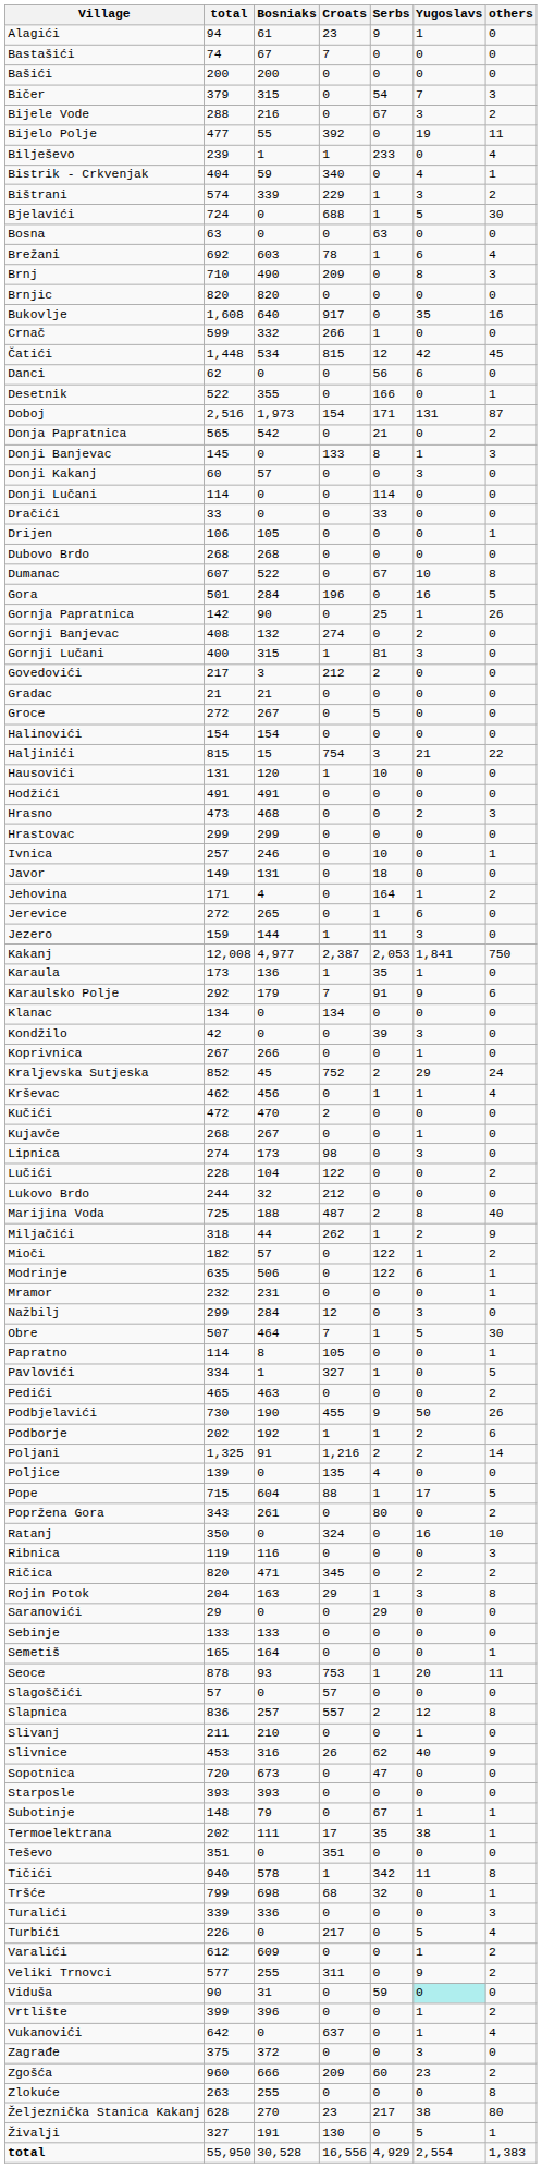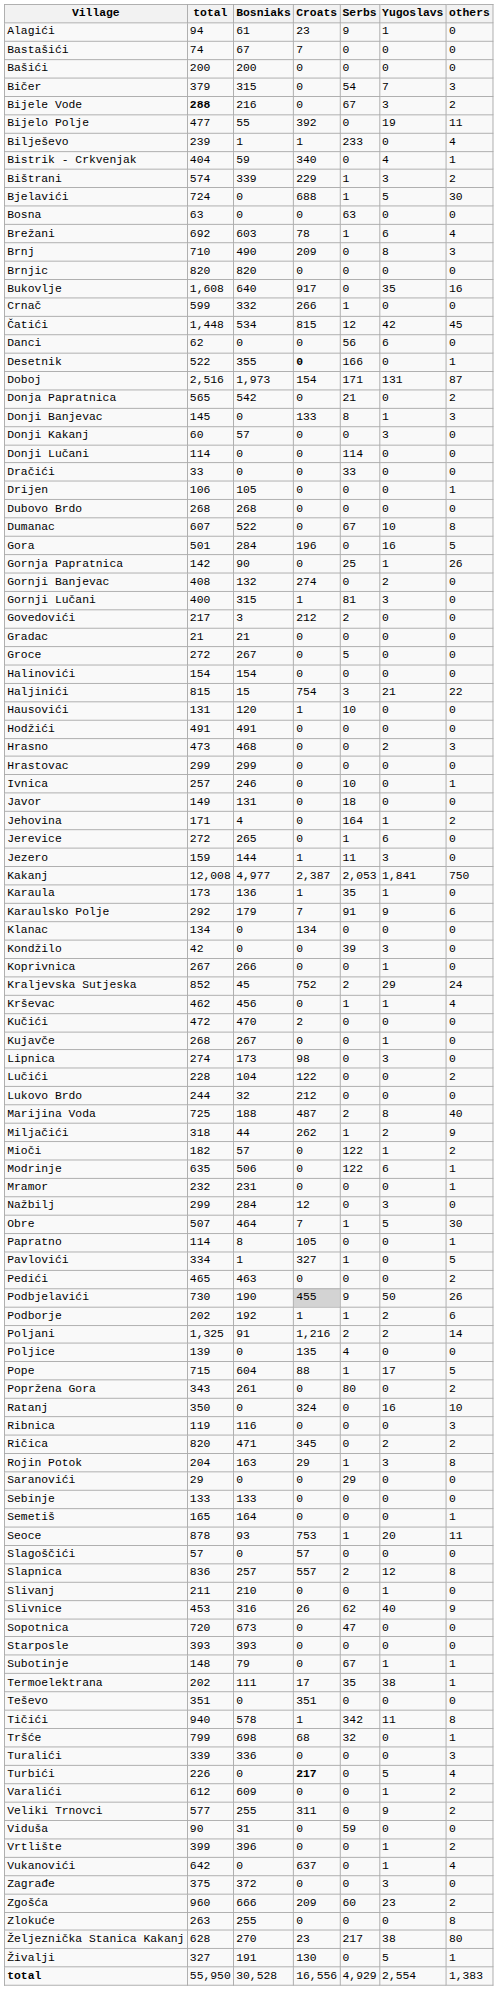 <table class="wikitable" style="font-size: 95%;">
 <tr>
 <th>Village</th>
 <th>total</th>
 <th>Bosniaks</th>
 <th>Croats</th>
 <th>Serbs</th>
 <th>Yugoslavs</th>
 <th>others</th>
 </tr>
 <tr>
 <td rowspan="1">Alagići</td>
 <td>94</td>
 <td>61</td>
 <td>23</td>
 <td>9</td>
 <td>1</td>
 <td>0</td>
 </tr>
 <tr>
 <td rowspan="1">Bastašići</td>
 <td>74</td>
 <td>67</td>
 <td>7</td>
 <td>0</td>
 <td>0</td>
 <td>0</td>
 </tr>
 <tr>
 <td rowspan="1">Bašići</td>
 <td>200</td>
 <td>200</td>
 <td>0</td>
 <td>0</td>
 <td>0</td>
 <td>0</td>
 </tr>
 <tr>
 <td rowspan="1">Bičer</td>
 <td>379</td>
 <td>315</td>
 <td>0</td>
 <td>54</td>
 <td>7</td>
 <td>3</td>
 </tr>
 <tr>
 <td rowspan="1">Bijele Vode</td>
-<td>288</td>
+<td><strong>288</strong></td>
 <td>216</td>
 <td>0</td>
 <td>67</td>
 <td>3</td>
 <td>2</td>
 </tr>
 <tr>
 <td rowspan="1">Bijelo Polje</td>
 <td>477</td>
 <td>55</td>
 <td>392</td>
 <td>0</td>
 <td>19</td>
 <td>11</td>
 </tr>
 <tr>
 <td rowspan="1">Bilješevo</td>
 <td>239</td>
 <td>1</td>
 <td>1</td>
 <td>233</td>
 <td>0</td>
 <td>4</td>
 </tr>
 <tr>
 <td rowspan="1">Bistrik - Crkvenjak</td>
 <td>404</td>
 <td>59</td>
 <td>340</td>
 <td>0</td>
 <td>4</td>
 <td>1</td>
 </tr>
 <tr>
 <td rowspan="1">Bištrani</td>
 <td>574</td>
 <td>339</td>
 <td>229</td>
 <td>1</td>
 <td>3</td>
 <td>2</td>
 </tr>
 <tr>
 <td rowspan="1">Bjelavići</td>
 <td>724</td>
 <td>0</td>
 <td>688</td>
 <td>1</td>
 <td>5</td>
 <td>30</td>
 </tr>
 <tr>
 <td rowspan="1">Bosna</td>
 <td>63</td>
 <td>0</td>
 <td>0</td>
 <td>63</td>
 <td>0</td>
 <td>0</td>
 </tr>
 <tr>
 <td rowspan="1">Brežani</td>
 <td>692</td>
 <td>603</td>
 <td>78</td>
 <td>1</td>
 <td>6</td>
 <td>4</td>
 </tr>
 <tr>
 <td rowspan="1">Brnj</td>
 <td>710</td>
 <td>490</td>
 <td>209</td>
 <td>0</td>
 <td>8</td>
 <td>3</td>
 </tr>
 <tr>
 <td rowspan="1">Brnjic</td>
 <td>820</td>
 <td>820</td>
 <td>0</td>
 <td>0</td>
 <td>0</td>
 <td>0</td>
 </tr>
 <tr>
 <td rowspan="1">Bukovlje</td>
 <td>1,608</td>
 <td>640</td>
 <td>917</td>
 <td>0</td>
 <td>35</td>
 <td>16</td>
 </tr>
 <tr>
 <td rowspan="1">Crnač</td>
 <td>599</td>
 <td>332</td>
 <td>266</td>
 <td>1</td>
 <td>0</td>
 <td>0</td>
 </tr>
 <tr>
 <td rowspan="1">Čatići</td>
 <td>1,448</td>
 <td>534</td>
 <td>815</td>
 <td>12</td>
 <td>42</td>
 <td>45</td>
 </tr>
 <tr>
 <td rowspan="1">Danci</td>
 <td>62</td>
 <td>0</td>
 <td>0</td>
 <td>56</td>
 <td>6</td>
 <td>0</td>
 </tr>
 <tr>
 <td rowspan="1">Desetnik</td>
 <td>522</td>
 <td>355</td>
-<td>0</td>
+<td><strong>0</strong></td>
 <td>166</td>
 <td>0</td>
 <td>1</td>
 </tr>
 <tr>
 <td rowspan="1">Doboj</td>
 <td>2,516</td>
 <td>1,973</td>
 <td>154</td>
 <td>171</td>
 <td>131</td>
 <td>87</td>
 </tr>
 <tr>
 <td rowspan="1">Donja Papratnica</td>
 <td>565</td>
 <td>542</td>
 <td>0</td>
 <td>21</td>
 <td>0</td>
 <td>2</td>
 </tr>
 <tr>
 <td rowspan="1">Donji Banjevac</td>
 <td>145</td>
 <td>0</td>
 <td>133</td>
 <td>8</td>
 <td>1</td>
 <td>3</td>
 </tr>
 <tr>
 <td rowspan="1">Donji Kakanj</td>
 <td>60</td>
 <td>57</td>
 <td>0</td>
 <td>0</td>
 <td>3</td>
 <td>0</td>
 </tr>
 <tr>
 <td rowspan="1">Donji Lučani</td>
 <td>114</td>
 <td>0</td>
 <td>0</td>
 <td>114</td>
 <td>0</td>
 <td>0</td>
 </tr>
 <tr>
 <td rowspan="1">Dračići</td>
 <td>33</td>
 <td>0</td>
 <td>0</td>
 <td>33</td>
 <td>0</td>
 <td>0</td>
 </tr>
 <tr>
 <td rowspan="1">Drijen</td>
 <td>106</td>
 <td>105</td>
 <td>0</td>
 <td>0</td>
 <td>0</td>
 <td>1</td>
 </tr>
 <tr>
 <td rowspan="1">Dubovo Brdo</td>
 <td>268</td>
 <td>268</td>
 <td>0</td>
 <td>0</td>
 <td>0</td>
 <td>0</td>
 </tr>
 <tr>
 <td rowspan="1">Dumanac</td>
 <td>607</td>
 <td>522</td>
 <td>0</td>
 <td>67</td>
 <td>10</td>
 <td>8</td>
 </tr>
 <tr>
 <td rowspan="1">Gora</td>
 <td>501</td>
 <td>284</td>
 <td>196</td>
 <td>0</td>
 <td>16</td>
 <td>5</td>
 </tr>
 <tr>
 <td rowspan="1">Gornja Papratnica</td>
 <td>142</td>
 <td>90</td>
 <td>0</td>
 <td>25</td>
 <td>1</td>
 <td>26</td>
 </tr>
 <tr>
 <td rowspan="1">Gornji Banjevac</td>
 <td>408</td>
 <td>132</td>
 <td>274</td>
 <td>0</td>
 <td>2</td>
 <td>0</td>
 </tr>
 <tr>
 <td rowspan="1">Gornji Lučani</td>
 <td>400</td>
 <td>315</td>
 <td>1</td>
 <td>81</td>
 <td>3</td>
 <td>0</td>
 </tr>
 <tr>
 <td rowspan="1">Govedovići</td>
 <td>217</td>
 <td>3</td>
 <td>212</td>
 <td>2</td>
 <td>0</td>
 <td>0</td>
 </tr>
 <tr>
 <td rowspan="1">Gradac</td>
 <td>21</td>
 <td>21</td>
 <td>0</td>
 <td>0</td>
 <td>0</td>
 <td>0</td>
 </tr>
 <tr>
 <td rowspan="1">Groce</td>
 <td>272</td>
 <td>267</td>
 <td>0</td>
 <td>5</td>
 <td>0</td>
 <td>0</td>
 </tr>
 <tr>
 <td rowspan="1">Halinovići</td>
 <td>154</td>
 <td>154</td>
 <td>0</td>
 <td>0</td>
 <td>0</td>
 <td>0</td>
 </tr>
 <tr>
 <td rowspan="1">Haljinići</td>
 <td>815</td>
 <td>15</td>
 <td>754</td>
 <td>3</td>
 <td>21</td>
 <td>22</td>
 </tr>
 <tr>
 <td rowspan="1">Hausovići</td>
 <td>131</td>
 <td>120</td>
 <td>1</td>
 <td>10</td>
 <td>0</td>
 <td>0</td>
 </tr>
 <tr>
 <td rowspan="1">Hodžići</td>
 <td>491</td>
 <td>491</td>
 <td>0</td>
 <td>0</td>
 <td>0</td>
 <td>0</td>
 </tr>
 <tr>
 <td rowspan="1">Hrasno</td>
 <td>473</td>
 <td>468</td>
 <td>0</td>
 <td>0</td>
 <td>2</td>
 <td>3</td>
 </tr>
 <tr>
 <td rowspan="1">Hrastovac</td>
 <td>299</td>
 <td>299</td>
 <td>0</td>
 <td>0</td>
 <td>0</td>
 <td>0</td>
 </tr>
 <tr>
 <td rowspan="1">Ivnica</td>
 <td>257</td>
 <td>246</td>
 <td>0</td>
 <td>10</td>
 <td>0</td>
 <td>1</td>
 </tr>
 <tr>
 <td rowspan="1">Javor</td>
 <td>149</td>
 <td>131</td>
 <td>0</td>
 <td>18</td>
 <td>0</td>
 <td>0</td>
 </tr>
 <tr>
 <td rowspan="1">Jehovina</td>
 <td>171</td>
 <td>4</td>
 <td>0</td>
 <td>164</td>
 <td>1</td>
 <td>2</td>
 </tr>
 <tr>
 <td rowspan="1">Jerevice</td>
 <td>272</td>
 <td>265</td>
 <td>0</td>
 <td>1</td>
 <td>6</td>
 <td>0</td>
 </tr>
 <tr>
 <td rowspan="1">Jezero</td>
 <td>159</td>
 <td>144</td>
 <td>1</td>
 <td>11</td>
 <td>3</td>
 <td>0</td>
 </tr>
 <tr>
 <td rowspan="1">Kakanj</td>
 <td>12,008</td>
 <td>4,977</td>
 <td>2,387</td>
 <td>2,053</td>
 <td>1,841</td>
 <td>750</td>
 </tr>
 <tr>
 <td rowspan="1">Karaula</td>
 <td>173</td>
 <td>136</td>
 <td>1</td>
 <td>35</td>
 <td>1</td>
 <td>0</td>
 </tr>
 <tr>
 <td rowspan="1">Karaulsko Polje</td>
 <td>292</td>
 <td>179</td>
 <td>7</td>
 <td>91</td>
 <td>9</td>
 <td>6</td>
 </tr>
 <tr>
 <td rowspan="1">Klanac</td>
 <td>134</td>
 <td>0</td>
 <td>134</td>
 <td>0</td>
 <td>0</td>
 <td>0</td>
 </tr>
 <tr>
 <td rowspan="1">Kondžilo</td>
 <td>42</td>
 <td>0</td>
 <td>0</td>
 <td>39</td>
 <td>3</td>
 <td>0</td>
 </tr>
 <tr>
 <td rowspan="1">Koprivnica</td>
 <td>267</td>
 <td>266</td>
 <td>0</td>
 <td>0</td>
 <td>1</td>
 <td>0</td>
 </tr>
 <tr>
 <td rowspan="1">Kraljevska Sutjeska</td>
 <td>852</td>
 <td>45</td>
 <td>752</td>
 <td>2</td>
 <td>29</td>
 <td>24</td>
 </tr>
 <tr>
 <td rowspan="1">Krševac</td>
 <td>462</td>
 <td>456</td>
 <td>0</td>
 <td>1</td>
 <td>1</td>
 <td>4</td>
 </tr>
 <tr>
 <td rowspan="1">Kučići</td>
 <td>472</td>
 <td>470</td>
 <td>2</td>
 <td>0</td>
 <td>0</td>
 <td>0</td>
 </tr>
 <tr>
 <td rowspan="1">Kujavče</td>
 <td>268</td>
 <td>267</td>
 <td>0</td>
 <td>0</td>
 <td>1</td>
 <td>0</td>
 </tr>
 <tr>
 <td rowspan="1">Lipnica</td>
 <td>274</td>
 <td>173</td>
 <td>98</td>
 <td>0</td>
 <td>3</td>
 <td>0</td>
 </tr>
 <tr>
 <td rowspan="1">Lučići</td>
 <td>228</td>
 <td>104</td>
 <td>122</td>
 <td>0</td>
 <td>0</td>
 <td>2</td>
 </tr>
 <tr>
 <td rowspan="1">Lukovo Brdo</td>
 <td>244</td>
 <td>32</td>
 <td>212</td>
 <td>0</td>
 <td>0</td>
 <td>0</td>
 </tr>
 <tr>
 <td rowspan="1">Marijina Voda</td>
 <td>725</td>
 <td>188</td>
 <td>487</td>
 <td>2</td>
 <td>8</td>
 <td>40</td>
 </tr>
 <tr>
 <td rowspan="1">Miljačići</td>
 <td>318</td>
 <td>44</td>
 <td>262</td>
 <td>1</td>
 <td>2</td>
 <td>9</td>
 </tr>
 <tr>
 <td rowspan="1">Mioči</td>
 <td>182</td>
 <td>57</td>
 <td>0</td>
 <td>122</td>
 <td>1</td>
 <td>2</td>
 </tr>
 <tr>
 <td rowspan="1">Modrinje</td>
 <td>635</td>
 <td>506</td>
 <td>0</td>
 <td>122</td>
 <td>6</td>
 <td>1</td>
 </tr>
 <tr>
 <td rowspan="1">Mramor</td>
 <td>232</td>
 <td>231</td>
 <td>0</td>
 <td>0</td>
 <td>0</td>
 <td>1</td>
 </tr>
 <tr>
 <td rowspan="1">Nažbilj</td>
 <td>299</td>
 <td>284</td>
 <td>12</td>
 <td>0</td>
 <td>3</td>
 <td>0</td>
 </tr>
 <tr>
 <td rowspan="1">Obre</td>
 <td>507</td>
 <td>464</td>
 <td>7</td>
 <td>1</td>
 <td>5</td>
 <td>30</td>
 </tr>
 <tr>
 <td rowspan="1">Papratno</td>
 <td>114</td>
 <td>8</td>
 <td>105</td>
 <td>0</td>
 <td>0</td>
 <td>1</td>
 </tr>
 <tr>
 <td rowspan="1">Pavlovići</td>
 <td>334</td>
 <td>1</td>
 <td>327</td>
 <td>1</td>
 <td>0</td>
 <td>5</td>
 </tr>
 <tr>
 <td rowspan="1">Pedići</td>
 <td>465</td>
 <td>463</td>
 <td>0</td>
 <td>0</td>
 <td>0</td>
 <td>2</td>
 </tr>
 <tr>
 <td rowspan="1">Podbjelavići</td>
 <td>730</td>
 <td>190</td>
-<td>455</td>
+<td style="background: lightgrey;">455</td>
 <td>9</td>
 <td>50</td>
 <td>26</td>
 </tr>
 <tr>
 <td rowspan="1">Podborje</td>
 <td>202</td>
 <td>192</td>
 <td>1</td>
 <td>1</td>
 <td>2</td>
 <td>6</td>
 </tr>
 <tr>
 <td rowspan="1">Poljani</td>
 <td>1,325</td>
 <td>91</td>
 <td>1,216</td>
 <td>2</td>
 <td>2</td>
 <td>14</td>
 </tr>
 <tr>
 <td rowspan="1">Poljice</td>
 <td>139</td>
 <td>0</td>
 <td>135</td>
 <td>4</td>
 <td>0</td>
 <td>0</td>
 </tr>
 <tr>
 <td rowspan="1">Pope</td>
 <td>715</td>
 <td>604</td>
 <td>88</td>
 <td>1</td>
 <td>17</td>
 <td>5</td>
 </tr>
 <tr>
 <td rowspan="1">Popržena Gora</td>
 <td>343</td>
 <td>261</td>
 <td>0</td>
 <td>80</td>
 <td>0</td>
 <td>2</td>
 </tr>
 <tr>
 <td rowspan="1">Ratanj</td>
 <td>350</td>
 <td>0</td>
 <td>324</td>
 <td>0</td>
 <td>16</td>
 <td>10</td>
 </tr>
 <tr>
 <td rowspan="1">Ribnica</td>
 <td>119</td>
 <td>116</td>
 <td>0</td>
 <td>0</td>
 <td>0</td>
 <td>3</td>
 </tr>
 <tr>
 <td rowspan="1">Ričica</td>
 <td>820</td>
 <td>471</td>
 <td>345</td>
 <td>0</td>
 <td>2</td>
 <td>2</td>
 </tr>
 <tr>
 <td rowspan="1">Rojin Potok</td>
 <td>204</td>
 <td>163</td>
 <td>29</td>
 <td>1</td>
 <td>3</td>
 <td>8</td>
 </tr>
 <tr>
 <td rowspan="1">Saranovići</td>
 <td>29</td>
 <td>0</td>
 <td>0</td>
 <td>29</td>
 <td>0</td>
 <td>0</td>
 </tr>
 <tr>
 <td rowspan="1">Sebinje</td>
 <td>133</td>
 <td>133</td>
 <td>0</td>
 <td>0</td>
 <td>0</td>
 <td>0</td>
 </tr>
 <tr>
 <td rowspan="1">Semetiš</td>
 <td>165</td>
 <td>164</td>
 <td>0</td>
 <td>0</td>
 <td>0</td>
 <td>1</td>
 </tr>
 <tr>
 <td rowspan="1">Seoce</td>
 <td>878</td>
 <td>93</td>
 <td>753</td>
 <td>1</td>
 <td>20</td>
 <td>11</td>
 </tr>
 <tr>
 <td rowspan="1">Slagoščići</td>
 <td>57</td>
 <td>0</td>
 <td>57</td>
 <td>0</td>
 <td>0</td>
 <td>0</td>
 </tr>
 <tr>
 <td rowspan="1">Slapnica</td>
 <td>836</td>
 <td>257</td>
 <td>557</td>
 <td>2</td>
 <td>12</td>
 <td>8</td>
 </tr>
 <tr>
 <td rowspan="1">Slivanj</td>
 <td>211</td>
 <td>210</td>
 <td>0</td>
 <td>0</td>
 <td>1</td>
 <td>0</td>
 </tr>
 <tr>
 <td rowspan="1">Slivnice</td>
 <td>453</td>
 <td>316</td>
 <td>26</td>
 <td>62</td>
 <td>40</td>
 <td>9</td>
 </tr>
 <tr>
 <td rowspan="1">Sopotnica</td>
 <td>720</td>
 <td>673</td>
 <td>0</td>
 <td>47</td>
 <td>0</td>
 <td>0</td>
 </tr>
 <tr>
 <td rowspan="1">Starposle</td>
 <td>393</td>
 <td>393</td>
 <td>0</td>
 <td>0</td>
 <td>0</td>
 <td>0</td>
 </tr>
 <tr>
 <td rowspan="1">Subotinje</td>
 <td>148</td>
 <td>79</td>
 <td>0</td>
 <td>67</td>
 <td>1</td>
 <td>1</td>
 </tr>
 <tr>
 <td rowspan="1">Termoelektrana</td>
 <td>202</td>
 <td>111</td>
 <td>17</td>
 <td>35</td>
 <td>38</td>
 <td>1</td>
 </tr>
 <tr>
 <td rowspan="1">Teševo</td>
 <td>351</td>
 <td>0</td>
 <td>351</td>
 <td>0</td>
 <td>0</td>
 <td>0</td>
 </tr>
 <tr>
 <td rowspan="1">Tičići</td>
 <td>940</td>
 <td>578</td>
 <td>1</td>
 <td>342</td>
 <td>11</td>
 <td>8</td>
 </tr>
 <tr>
 <td rowspan="1">Tršće</td>
 <td>799</td>
 <td>698</td>
 <td>68</td>
 <td>32</td>
 <td>0</td>
 <td>1</td>
 </tr>
 <tr>
 <td rowspan="1">Turalići</td>
 <td>339</td>
 <td>336</td>
 <td>0</td>
 <td>0</td>
 <td>0</td>
 <td>3</td>
 </tr>
 <tr>
 <td rowspan="1">Turbići</td>
 <td>226</td>
 <td>0</td>
-<td>217</td>
+<td><strong>217</strong></td>
 <td>0</td>
 <td>5</td>
 <td>4</td>
 </tr>
 <tr>
 <td rowspan="1">Varalići</td>
 <td>612</td>
 <td>609</td>
 <td>0</td>
 <td>0</td>
 <td>1</td>
 <td>2</td>
 </tr>
 <tr>
 <td rowspan="1">Veliki Trnovci</td>
 <td>577</td>
 <td>255</td>
 <td>311</td>
 <td>0</td>
 <td>9</td>
 <td>2</td>
 </tr>
 <tr>
 <td rowspan="1">Viduša</td>
 <td>90</td>
 <td>31</td>
 <td>0</td>
 <td>59</td>
-<td style="background: paleturquoise;">0</td>
+<td>0</td>
 <td>0</td>
 </tr>
 <tr>
 <td rowspan="1">Vrtlište</td>
 <td>399</td>
 <td>396</td>
 <td>0</td>
 <td>0</td>
 <td>1</td>
 <td>2</td>
 </tr>
 <tr>
 <td rowspan="1">Vukanovići</td>
 <td>642</td>
 <td>0</td>
 <td>637</td>
 <td>0</td>
 <td>1</td>
 <td>4</td>
 </tr>
 <tr>
 <td rowspan="1">Zagrađe</td>
 <td>375</td>
 <td>372</td>
 <td>0</td>
 <td>0</td>
 <td>3</td>
 <td>0</td>
 </tr>
 <tr>
 <td rowspan="1">Zgošća</td>
 <td>960</td>
 <td>666</td>
 <td>209</td>
 <td>60</td>
 <td>23</td>
 <td>2</td>
 </tr>
 <tr>
 <td rowspan="1">Zlokuće</td>
 <td>263</td>
 <td>255</td>
 <td>0</td>
 <td>0</td>
 <td>0</td>
 <td>8</td>
 </tr>
 <tr>
 <td rowspan="1">Željeznička Stanica Kakanj</td>
 <td>628</td>
 <td>270</td>
 <td>23</td>
 <td>217</td>
 <td>38</td>
 <td>80</td>
 </tr>
 <tr>
 <td rowspan="1">Živalji</td>
 <td>327</td>
 <td>191</td>
 <td>130</td>
 <td>0</td>
 <td>5</td>
 <td>1</td>
 </tr>
 <tr>
 <td rowspan="1"><strong>total</strong></td>
 <td>55,950</td>
 <td>30,528</td>
 <td>16,556</td>
 <td>4,929</td>
 <td>2,554</td>
 <td>1,383</td>
 </tr>
 </table>
